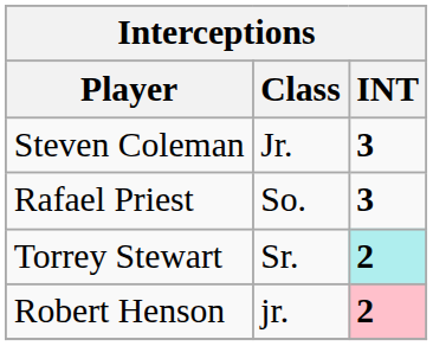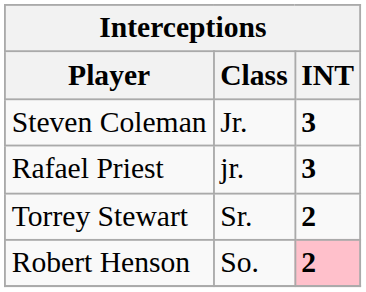 <table class="wikitable">
 <tr>
 <th colspan="7" align="center">Interceptions</th>
 </tr>
 <tr>
 <th>Player</th>
 <th>Class</th>
 <th>INT</th>
 </tr>
 <tr>
 <td>Steven Coleman</td>
 <td>Jr.</td>
 <td><strong>3</strong></td>
 </tr>
 <tr>
 <td>Rafael Priest</td>
-<td>So.</td>
+<td>jr.</td>
 <td><strong>3</strong></td>
 </tr>
 <tr>
 <td>Torrey Stewart</td>
 <td>Sr.</td>
-<td style="background: paleturquoise;"><strong>2</strong></td>
+<td><strong>2</strong></td>
 </tr>
 <tr>
 <td>Robert Henson</td>
-<td>jr.</td>
+<td>So.</td>
 <td style="background: pink;"><strong>2</strong></td>
 </tr>
 <tr>
 </tr>
 </table>
